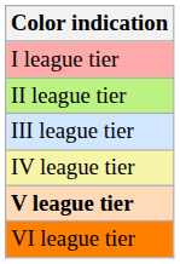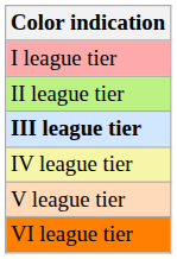 <table class="wikitable">
 <tr>
 <th>Color indication</th>
 </tr>
 <tr bgcolor=#FFaaaa>
 <td>I league tier</td>
 </tr>
 <tr bgcolor=#BCF282>
 <td>II league tier</td>
 </tr>
 <tr bgcolor=#D0E7FF>
-<td>III league tier</td>
+<td><strong>III league tier</strong></td>
 </tr>
 <tr bgcolor=#F7F6A8>
 <td>IV league tier</td>
 </tr>
 <tr bgcolor=#FFDAB9>
-<td><strong>V league tier</strong></td>
+<td>V league tier</td>
 </tr>
 <tr bgcolor=#FF8000>
 <td>VI league tier</td>
 </tr>
 </table>
